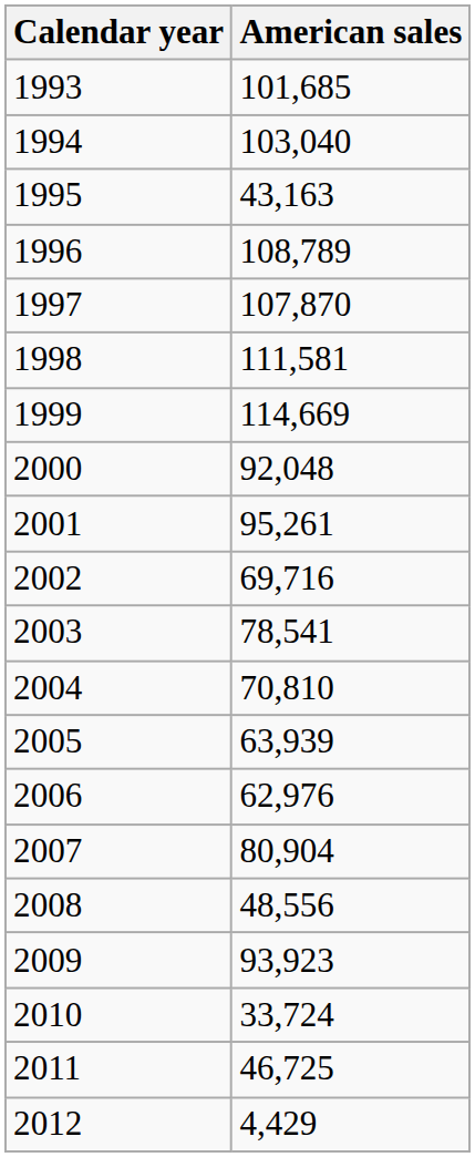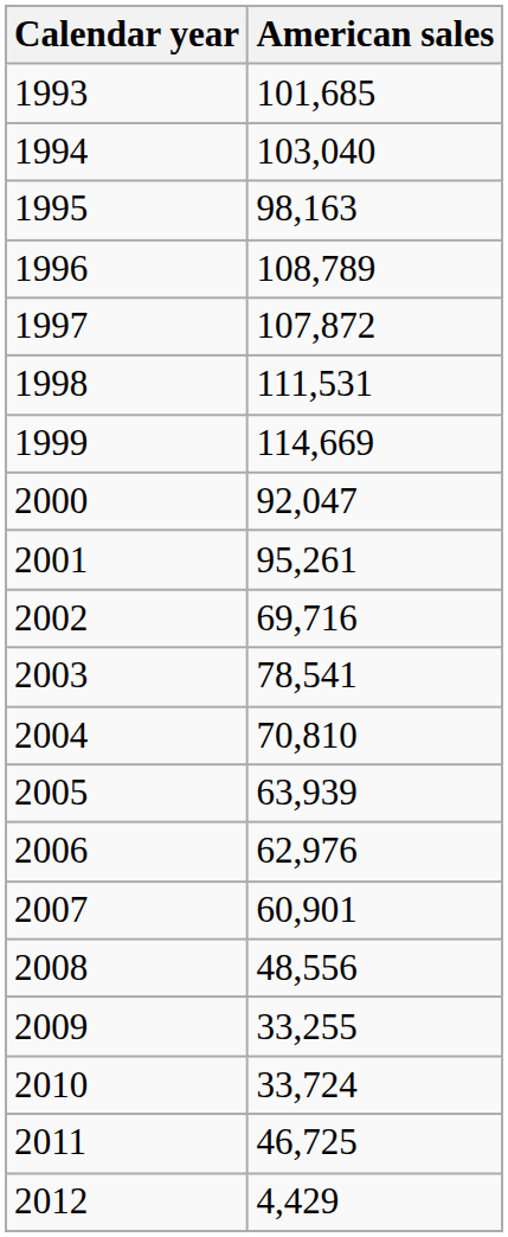 <table class="wikitable sortable" style="text align:left">
 <tr>
 <th>Calendar year</th>
 <th>American sales</th>
 </tr>
 <tr>
 <td>1993</td>
 <td>101,685</td>
 </tr>
 <tr>
 <td>1994</td>
 <td>103,040</td>
 </tr>
 <tr>
 <td>1995</td>
-<td>43,163</td>
+<td>98,163</td>
 </tr>
 <tr>
 <td>1996</td>
 <td>108,789</td>
 </tr>
 <tr>
 <td>1997</td>
-<td>107,870</td>
+<td>107,872</td>
 </tr>
 <tr>
 <td>1998</td>
-<td>111,581</td>
+<td>111,531</td>
 </tr>
 <tr>
 <td>1999</td>
 <td>114,669</td>
 </tr>
 <tr>
 <td>2000</td>
-<td>92,048</td>
+<td>92,047</td>
 </tr>
 <tr>
 <td>2001</td>
 <td>95,261</td>
 </tr>
 <tr>
 <td>2002</td>
 <td>69,716</td>
 </tr>
 <tr>
 <td>2003</td>
 <td>78,541</td>
 </tr>
 <tr>
 <td>2004</td>
 <td>70,810</td>
 </tr>
 <tr>
 <td>2005</td>
 <td>63,939</td>
 </tr>
 <tr>
 <td>2006</td>
 <td>62,976</td>
 </tr>
 <tr>
 <td>2007</td>
-<td>80,904</td>
+<td>60,901</td>
 </tr>
 <tr>
 <td>2008</td>
 <td>48,556</td>
 </tr>
 <tr>
 <td>2009</td>
-<td>93,923</td>
+<td>33,255</td>
 </tr>
 <tr>
 <td>2010</td>
 <td>33,724</td>
 </tr>
 <tr>
 <td>2011</td>
 <td>46,725</td>
 </tr>
 <tr>
 <td>2012</td>
 <td>4,429</td>
 </tr>
 </table>
